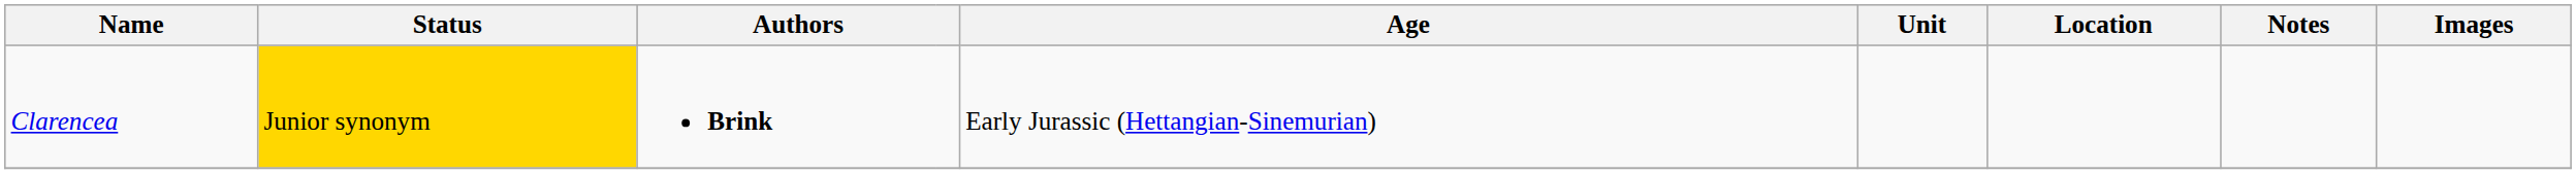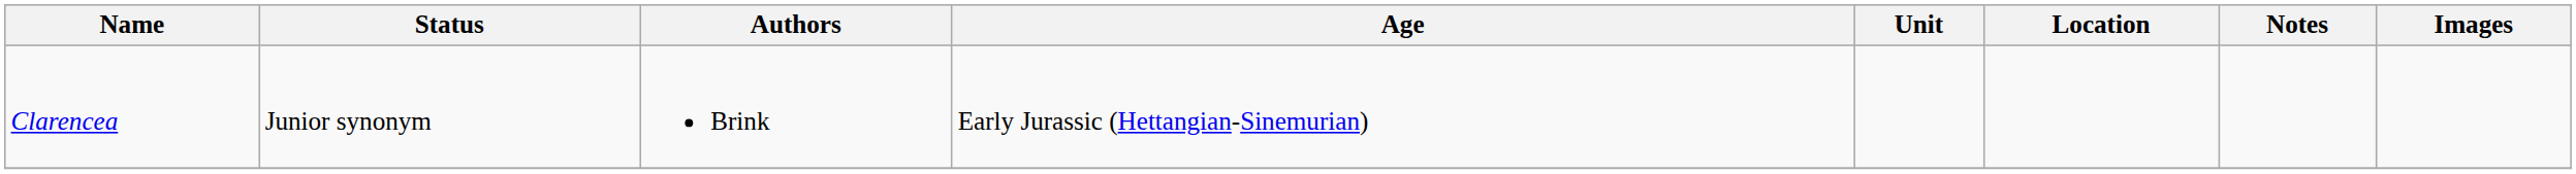 <table class="wikitable sortable" align="center" width="100%">
 <tr>
 <th>Name</th>
 <th>Status</th>
 <th colspan="2">Authors</th>
 <th>Age</th>
 <th>Unit</th>
 <th>Location</th>
 <th class="unsortable">Notes</th>
 <th class="unsortable">Images</th>
 </tr>
 <tr>
 <td><br><em><a href='#'>Clarencea</a></em></td>
-<td style="background: gold;"><br>Junior synonym</td>
-<td style="border-right:0px" valign="top"><strong><br><ul><li>Brink</li></ul></strong></td>
+<td><br>Junior synonym</td>
+<td style="border-right:0px" valign="top"><br><ul><li>Brink</li></ul></td>
 <td style="border-left:0px" valign="top"></td>
 <td><br>Early Jurassic (<a href='#'>Hettangian</a>-<a href='#'>Sinemurian</a>)</td>
 <td></td>
 <td></td>
 <td></td>
 <td></td>
 </tr>
 <tr>
 </tr>
 </table>
